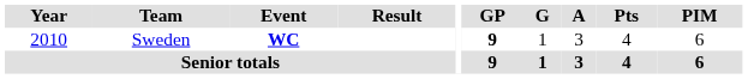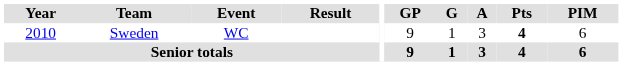 <table border="0" cellpadding="1" cellspacing="0" ID="Table3" style="text-align:center; width:40em">
 <tr ALIGN="center" bgcolor="#e0e0e0">
 <th>Year</th>
 <th>Team</th>
 <th>Event</th>
 <th>Result</th>
 <th rowspan="99" bgcolor="#ffffff"></th>
 <th>GP</th>
 <th>G</th>
 <th>A</th>
 <th>Pts</th>
 <th>PIM</th>
 </tr>
 <tr>
 <td><a href='#'>2010</a></td>
 <td><a href='#'>Sweden</a></td>
-<td><strong><a href='#'>WC</a></strong></td>
+<td><a href='#'>WC</a></td>
 <td></td>
-<td><strong>9</strong></td>
+<td>9</td>
 <td>1</td>
 <td>3</td>
-<td>4</td>
+<td><strong>4</strong></td>
 <td>6</td>
 </tr>
 <tr ALIGN="center" bgcolor="#e0e0e0">
 <th colspan=4>Senior totals</th>
 <th>9</th>
 <th>1</th>
 <th>3</th>
 <th>4</th>
 <th>6</th>
 </tr>
 </table>
